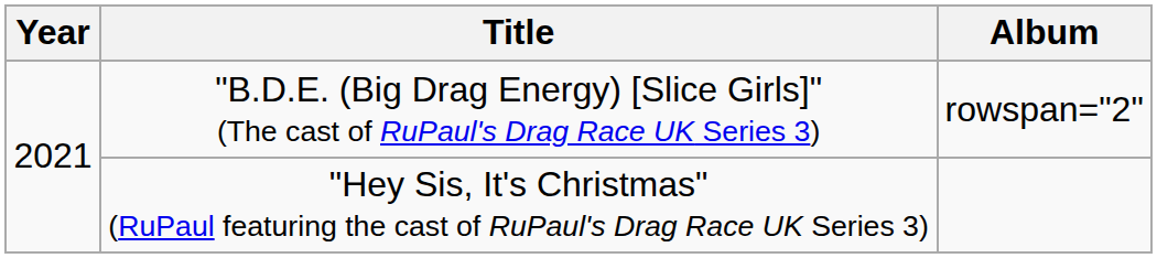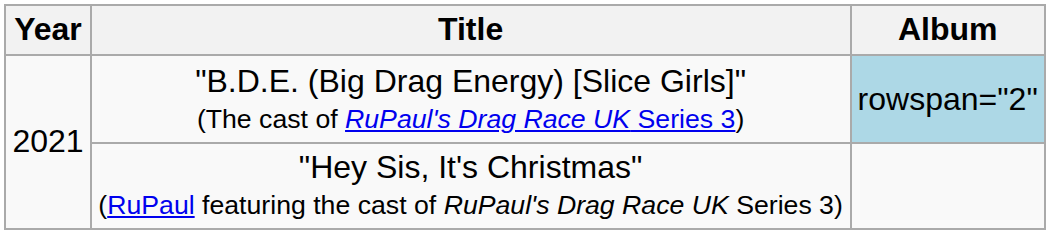 <table class="wikitable">
 <tr>
 <th scope="col">Year</th>
 <th scope="col">Title</th>
 <th scope="col">Album</th>
 </tr>
 <tr>
 <td rowspan="2">2021</td>
 <td style="text-align: center;">"B.D.E. (Big Drag Energy) [Slice Girls]"<br><small>(The cast of <a href='#'><em>RuPaul's Drag Race UK</em> Series 3</a>)</small></td>
-<td>rowspan="2" </td>
+<td style="background: lightblue;">rowspan="2" </td>
 </tr>
 <tr>
 <td style="text-align: center;">"Hey Sis, It's Christmas"<br><small>(<a href='#'>RuPaul</a> featuring the cast of <em>RuPaul's Drag Race UK</em> Series 3)</small></td>
 </tr>
 </table>
